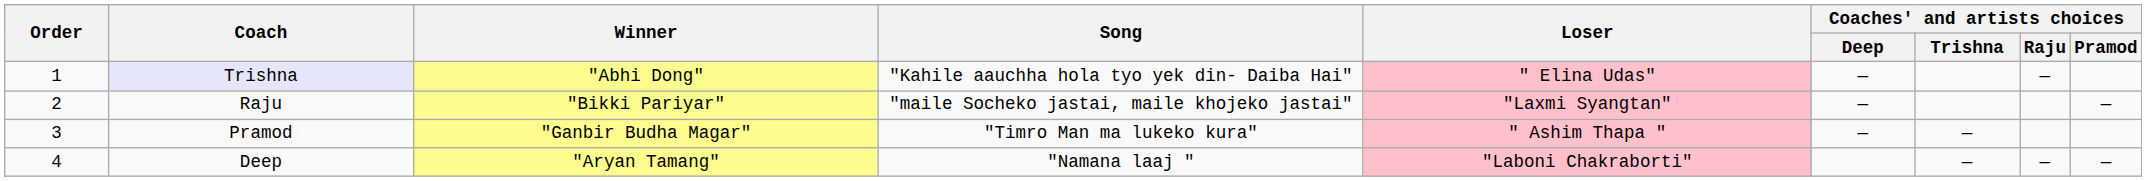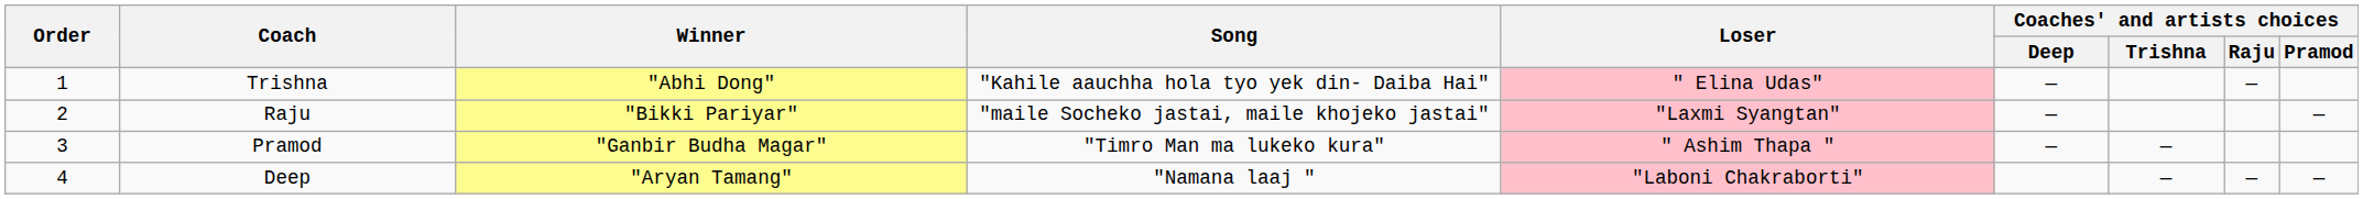 <table class="wikitable plainrowheaders" style="text-align:center; width:100%;">
 <tr>
 <th scope="col" style="width:05%;" rowspan="2">Order</th>
 <th scope="col" style="width:15%;" rowspan="2">Coach</th>
 <th scope="col" style="width:23%;" rowspan="2">Winner</th>
 <th scope="col" style="width:24%;" rowspan="2">Song</th>
 <th scope="col" style="width:22%;" rowspan="2">Loser</th>
 <th scope="col" style="width:20%;" colspan="4">Coaches' and artists choices</th>
 </tr>
 <tr>
 <th scope="col" style="width:05%;">Deep</th>
 <th scope="col" style="width:05%;">Trishna</th>
 <th scope="col" style="width:05%;">Raju</th>
 <th scope="col" style="width:05%;">Pramod</th>
 </tr>
 <tr>
 <td scope="row">1</td>
-<td style="background: lavender;">Trishna</td>
+<td>Trishna</td>
 <td style="background:#fdfc8f;text-align:center;">"Abhi Dong"</td>
 <td>"Kahile aauchha hola tyo yek din- Daiba Hai"</td>
 <td style="background:pink;text-align:center;">" Elina Udas"</td>
 <td>—</td>
 <td></td>
 <td>—</td>
 </tr>
 <tr>
 <td scope="row">2</td>
 <td>Raju</td>
 <td style="background:#fdfc8f;text-align:center;">"Bikki Pariyar"</td>
 <td>"maile Socheko jastai, maile khojeko jastai"</td>
 <td style="background:pink;text-align:center;">"Laxmi Syangtan"</td>
 <td>—</td>
 <td></td>
 <td></td>
 <td>—</td>
 </tr>
 <tr>
 <td scope="row">3</td>
 <td>Pramod</td>
 <td style="background:#fdfc8f;text-align:center;">"Ganbir Budha Magar"</td>
 <td>"Timro Man ma lukeko kura"</td>
 <td style="background:pink;text-align:center;">" Ashim Thapa "</td>
 <td>—</td>
 <td>—</td>
 <td></td>
 </tr>
 <tr>
 <td scope="row">4</td>
 <td>Deep</td>
 <td style="background:#fdfc8f;text-align:center;">"Aryan Tamang"</td>
 <td>"Namana laaj "</td>
 <td style="background:pink;text-align:center;">"Laboni Chakraborti"</td>
 <td></td>
 <td>—</td>
 <td>—</td>
 <td>—</td>
 </tr>
 </table>
